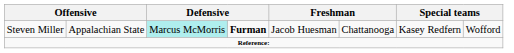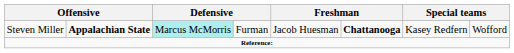 <table class="wikitable" border="1">
 <tr>
 <th colspan="2">Offensive</th>
 <th colspan="2">Defensive</th>
 <th colspan="2">Freshman</th>
 <th colspan="2">Special teams</th>
 </tr>
 <tr>
 <td>Steven Miller</td>
-<td>Appalachian State</td>
+<td><strong>Appalachian State</strong></td>
 <td style="background: paleturquoise;">Marcus McMorris</td>
-<td><strong>Furman</strong></td>
+<td>Furman</td>
 <td>Jacob Huesman</td>
-<td>Chattanooga</td>
+<td><strong>Chattanooga</strong></td>
 <td>Kasey Redfern</td>
 <td>Wofford</td>
 </tr>
 <tr>
 <td colspan="8" style="font-size: 8pt" align="center"><strong>Reference:</strong></td>
 </tr>
 </table>
